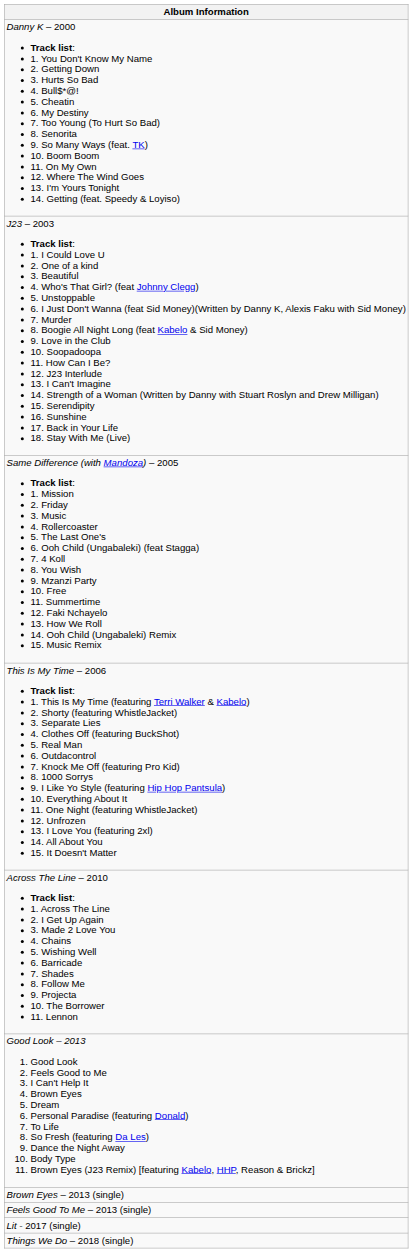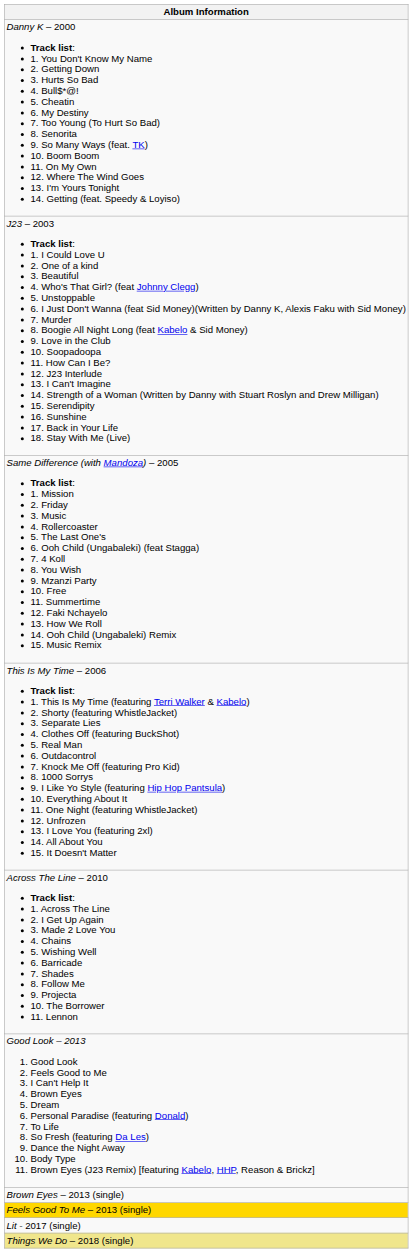 <table class="wikitable">
 <tr>
 <th align="left">Album Information</th>
 </tr>
 <tr>
 <td align="left"><em>Danny K</em> – 2000<br><ul><li><strong>Track list</strong>:</li><li>1. You Don't Know My Name</li><li>2. Getting Down</li><li>3. Hurts So Bad</li><li>4. Bull$*@!</li><li>5. Cheatin</li><li>6. My Destiny</li><li>7. Too Young (To Hurt So Bad)</li><li>8. Senorita</li><li>9. So Many Ways (feat. <a href='#'>TK</a>)</li><li>10. Boom Boom</li><li>11. On My Own</li><li>12. Where The Wind Goes</li><li>13. I'm Yours Tonight</li><li>14. Getting (feat. Speedy & Loyiso)</li></ul></td>
 </tr>
 <tr>
 <td align="left"><em>J23</em> – 2003<br><ul><li><strong>Track list</strong>:</li><li>1. I Could Love U</li><li>2. One of a kind</li><li>3. Beautiful</li><li>4. Who's That Girl? (feat <a href='#'>Johnny Clegg</a>)</li><li>5. Unstoppable</li><li>6. I Just Don't Wanna (feat Sid Money)(Written by Danny K, Alexis Faku with Sid Money)</li><li>7. Murder</li><li>8. Boogie All Night Long (feat <a href='#'>Kabelo</a> & Sid Money)</li><li>9. Love in the Club</li><li>10. Soopadoopa</li><li>11. How Can I Be?</li><li>12. J23 Interlude</li><li>13. I Can't Imagine</li><li>14. Strength of a Woman (Written by Danny with Stuart Roslyn and Drew Milligan)</li><li>15. Serendipity</li><li>16. Sunshine</li><li>17. Back in Your Life</li><li>18. Stay With Me (Live)</li></ul></td>
 </tr>
 <tr>
 <td align="left"><em>Same Difference (with <a href='#'>Mandoza</a>)</em> – 2005<br><ul><li><strong>Track list</strong>:</li><li>1. Mission</li><li>2. Friday</li><li>3. Music</li><li>4. Rollercoaster</li><li>5. The Last One's</li><li>6. Ooh Child (Ungabaleki) (feat Stagga)</li><li>7. 4 Koll</li><li>8. You Wish</li><li>9. Mzanzi Party</li><li>10. Free</li><li>11. Summertime</li><li>12. Faki Nchayelo</li><li>13. How We Roll</li><li>14. Ooh Child (Ungabaleki) Remix</li><li>15. Music Remix</li></ul></td>
 </tr>
 <tr>
 <td align="left"><em>This Is My Time</em> – 2006<br><ul><li><strong>Track list</strong>:</li><li>1. This Is My Time (featuring <a href='#'>Terri Walker</a> & <a href='#'>Kabelo</a>)</li><li>2. Shorty (featuring WhistleJacket)</li><li>3. Separate Lies</li><li>4. Clothes Off (featuring BuckShot)</li><li>5. Real Man</li><li>6. Outdacontrol</li><li>7. Knock Me Off (featuring Pro Kid)</li><li>8. 1000 Sorrys</li><li>9. I Like Yo Style (featuring <a href='#'>Hip Hop Pantsula</a>)</li><li>10. Everything About It</li><li>11. One Night (featuring WhistleJacket)</li><li>12. Unfrozen</li><li>13. I Love You (featuring 2xl)</li><li>14. All About You</li><li>15. It Doesn't Matter</li></ul></td>
 </tr>
 <tr>
 <td align="left"><em>Across The Line</em> – 2010<br><ul><li><strong>Track list</strong>:</li><li>1. Across The Line</li><li>2. I Get Up Again</li><li>3. Made 2 Love You</li><li>4. Chains</li><li>5. Wishing Well</li><li>6. Barricade</li><li>7. Shades</li><li>8. Follow Me</li><li>9. Projecta</li><li>10. The Borrower</li><li>11. Lennon</li></ul></td>
 </tr>
 <tr>
 <td><em>Good Look – 2013</em><br><ol><li>Good Look</li><li>Feels Good to Me</li><li>I Can't Help It</li><li>Brown Eyes</li><li>Dream</li><li>Personal Paradise (featuring <a href='#'>Donald</a>)</li><li>To Life</li><li>So Fresh (featuring <a href='#'>Da Les</a>)</li><li>Dance the Night Away</li><li>Body Type</li><li>Brown Eyes (J23 Remix) [featuring <a href='#'>Kabelo</a>, <a href='#'>HHP</a>, Reason & Brickz]</li></ol></td>
 </tr>
 <tr>
 <td align="left"><em>Brown Eyes</em> – 2013 (single)</td>
 </tr>
 <tr>
-<td align="left"><em>Feels Good To Me</em> – 2013 (single)</td>
+<td align="left" style="background: gold;"><em>Feels Good To Me</em> – 2013 (single)</td>
 </tr>
 <tr>
 <td><em>Lit -</em> 2017 (single)</td>
 </tr>
 <tr>
-<td><em>Things We Do</em> – 2018 (single)</td>
+<td style="background: khaki;"><em>Things We Do</em> – 2018 (single)</td>
 </tr>
 </table>
